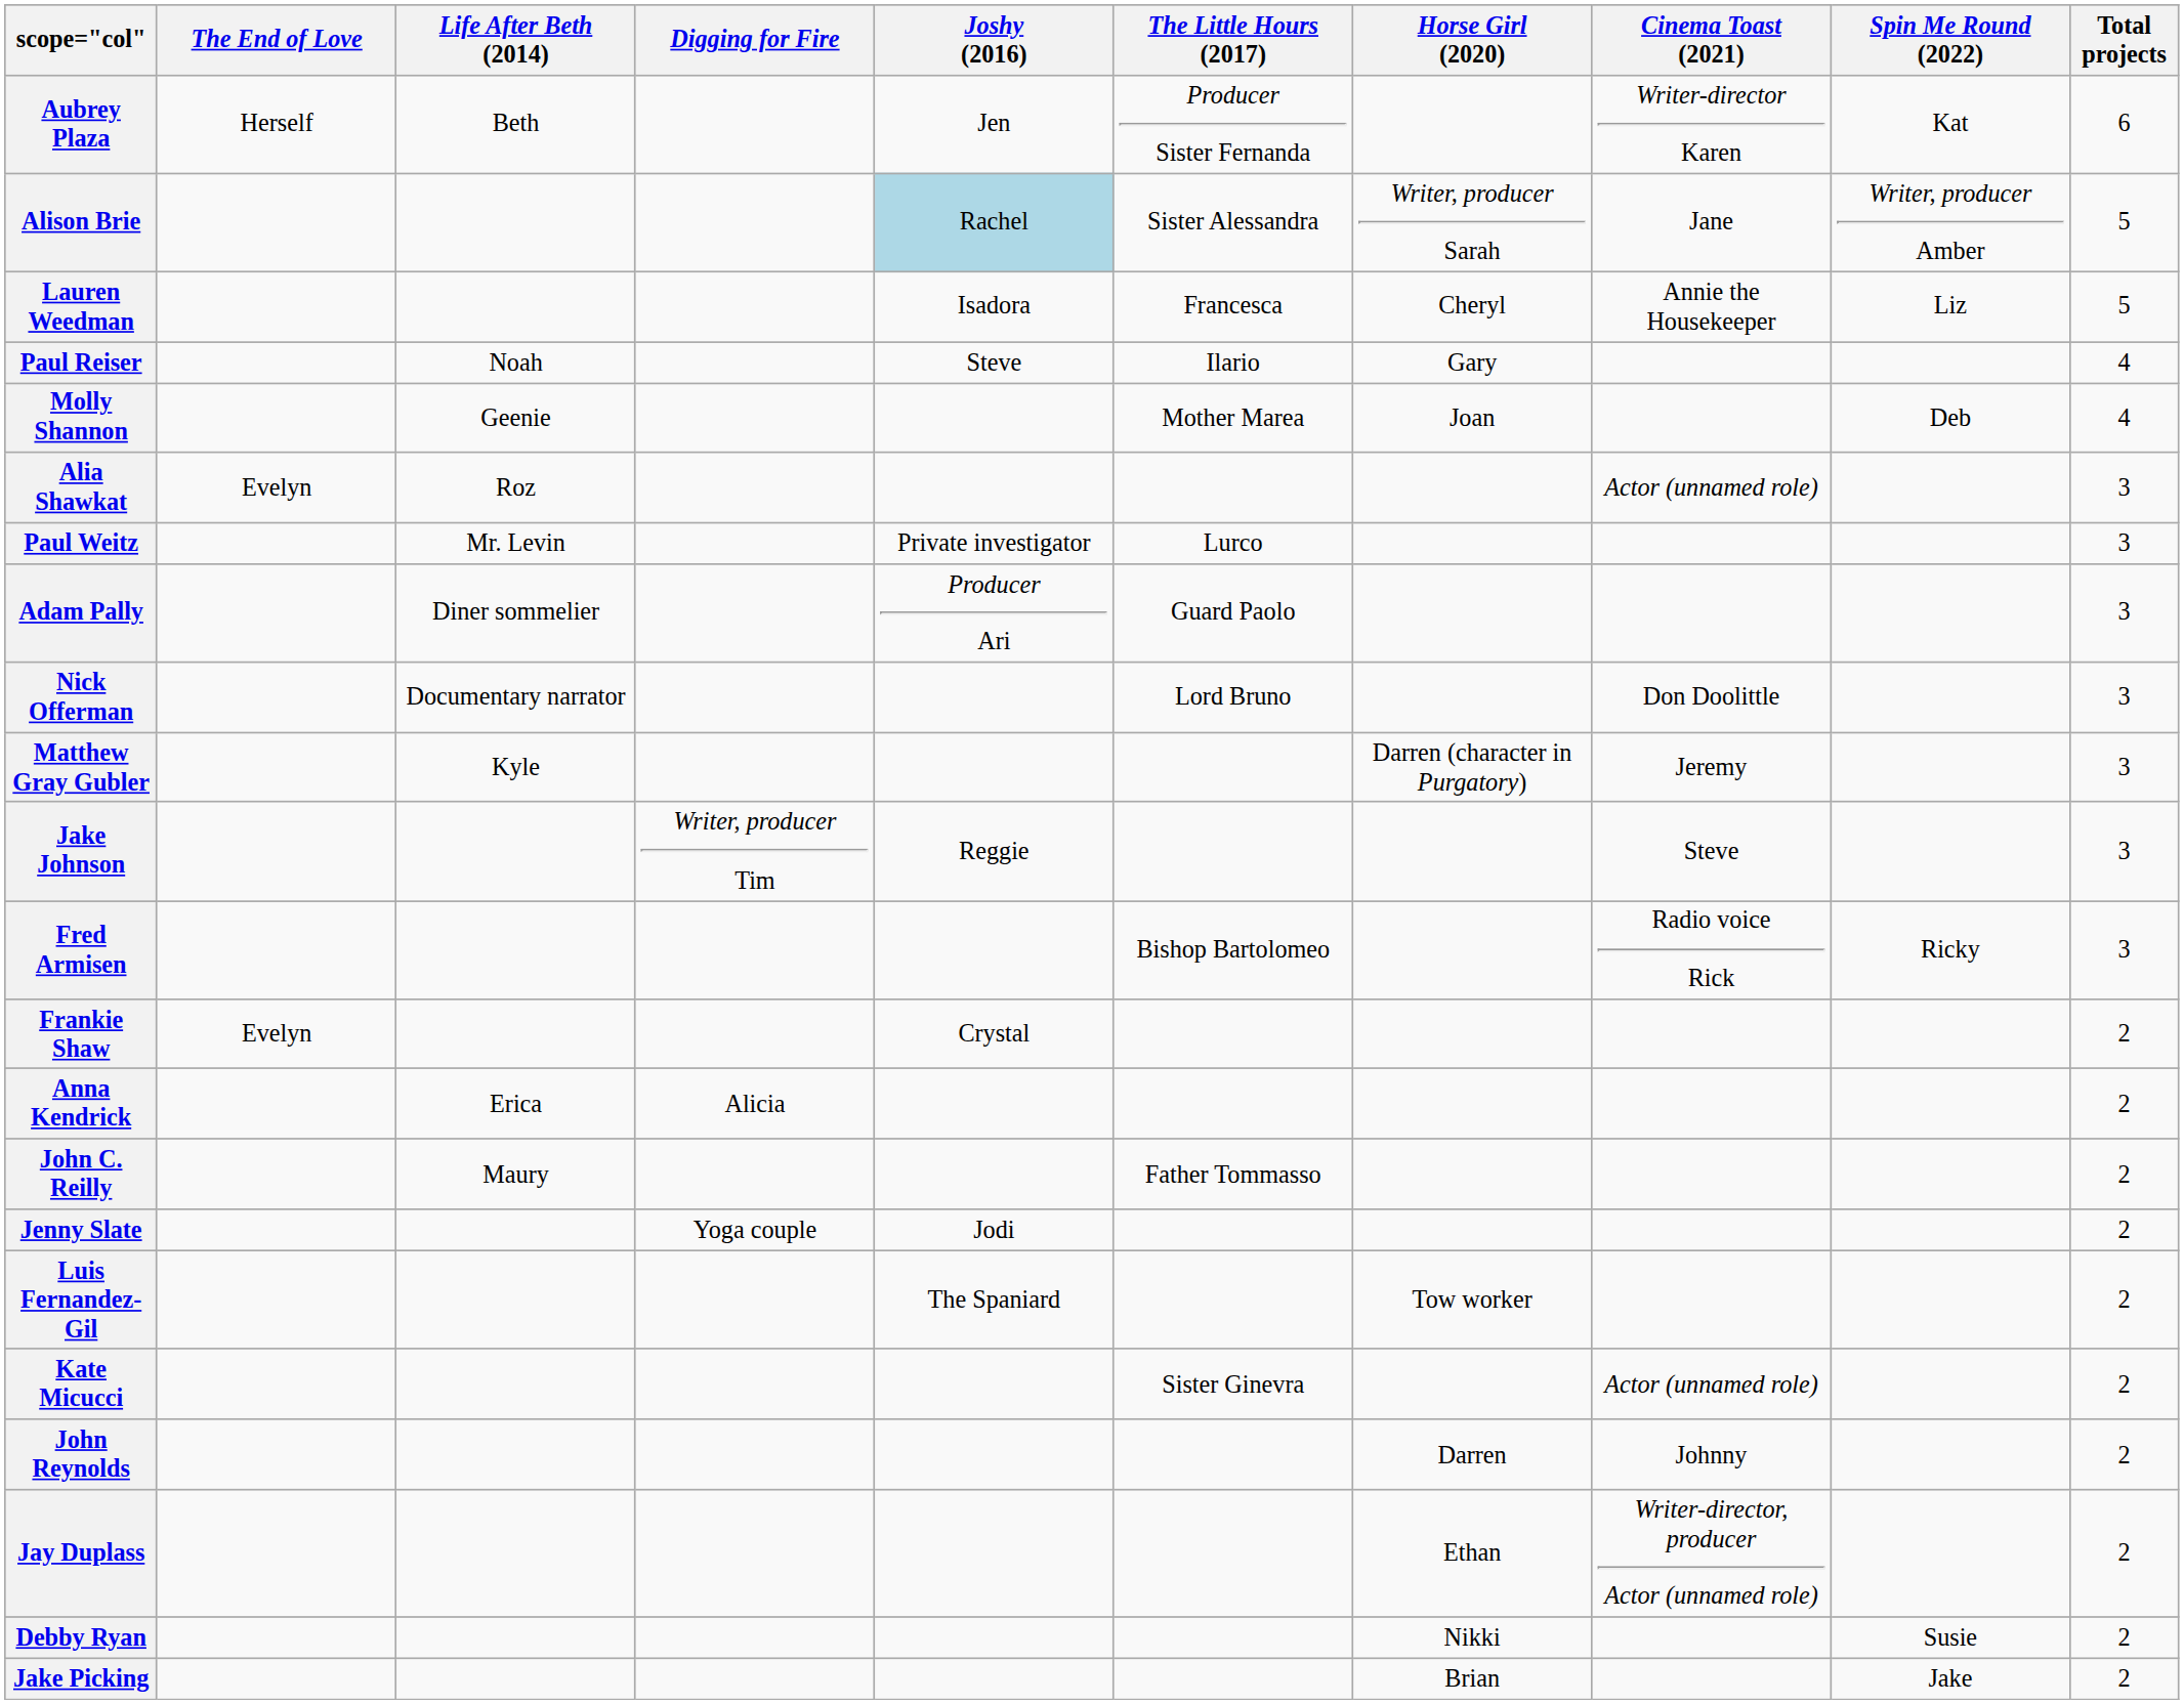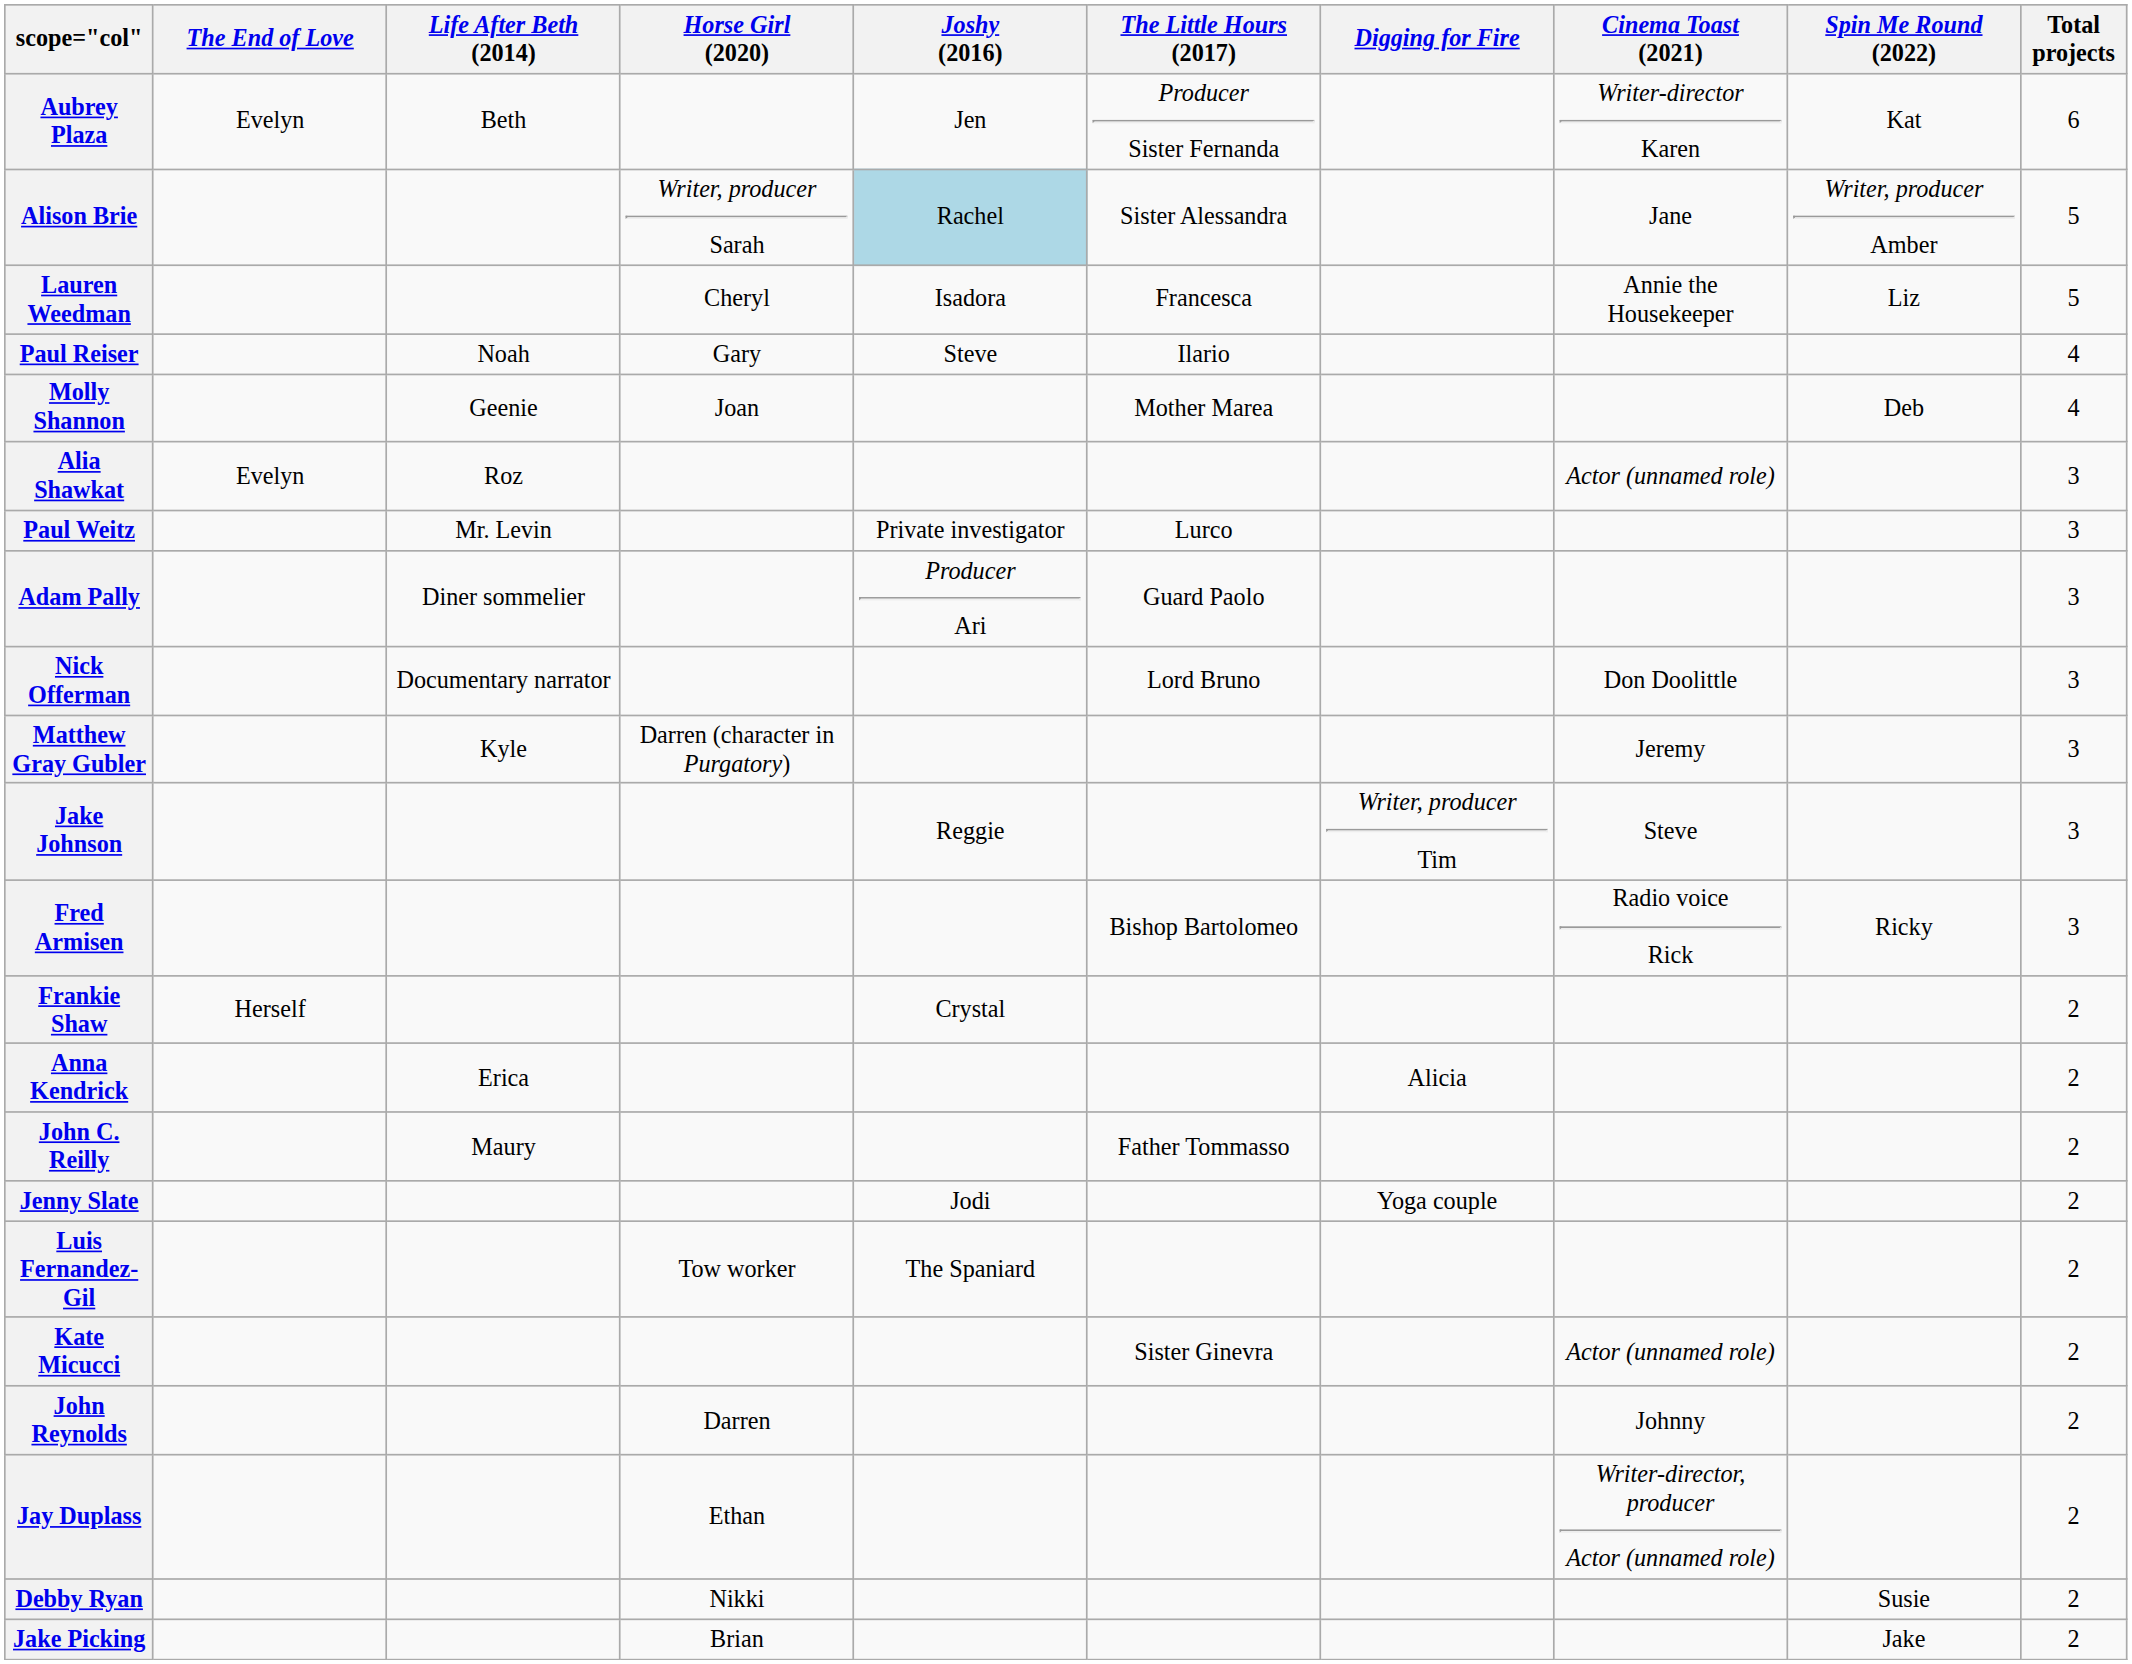 <table class="wikitable sortable mw-collapsible mw-collapsed"; style="text-align:center; width:100%; font-size:90%;">
 <tr>
 <th>scope="col" </th>
 <th scope="col" style="width: 11%;"><em><a href='#'>The End of Love</a></em><br></th>
 <th scope="col" style="width: 11%;"><em><a href='#'>Life After Beth</a></em><br>(2014)</th>
-<th scope="col" style="width: 11%;"><em><a href='#'>Digging for Fire</a></em><br></th>
+<th scope="col" style="width: 11%;"><em><a href='#'>Horse Girl</a></em><br>(2020)</th>
 <th scope="col" style="width: 11%;"><em><a href='#'>Joshy</a></em><br>(2016)</th>
 <th scope="col" style="width: 11%;"><em><a href='#'>The Little Hours</a></em><br>(2017)</th>
-<th scope="col" style="width: 11%;"><em><a href='#'>Horse Girl</a></em><br>(2020)</th>
+<th scope="col" style="width: 11%;"><em><a href='#'>Digging for Fire</a></em><br></th>
 <th scope="col" style="width: 11%;"><em><a href='#'>Cinema Toast</a></em><br>(2021)</th>
 <th scope="col" style="width: 11%;"><em><a href='#'>Spin Me Round</a></em><br>(2022)</th>
 <th scope="col" style="width: 5%;">Total projects</th>
 </tr>
 <tr>
 <th scope="row"><a href='#'>Aubrey Plaza</a></th>
-<td>Herself</td>
+<td>Evelyn</td>
 <td>Beth</td>
 <td></td>
 <td>Jen</td>
 <td><em>Producer</em> <hr> Sister Fernanda</td>
 <td></td>
 <td><em>Writer-director</em> <hr> Karen</td>
 <td>Kat</td>
 <td>6</td>
 </tr>
 <tr>
 <th scope="row"><a href='#'>Alison Brie</a></th>
 <td></td>
 <td></td>
-<td></td>
+<td><em>Writer, producer</em> <hr> Sarah</td>
 <td style="background: lightblue;">Rachel</td>
 <td>Sister Alessandra</td>
-<td><em>Writer, producer</em> <hr> Sarah</td>
+<td></td>
 <td>Jane</td>
 <td><em>Writer, producer</em> <hr> Amber</td>
 <td>5</td>
 </tr>
 <tr>
 <th scope="row"><a href='#'>Lauren Weedman</a></th>
 <td></td>
 <td></td>
-<td></td>
+<td>Cheryl</td>
 <td>Isadora</td>
 <td>Francesca</td>
-<td>Cheryl</td>
+<td></td>
 <td>Annie the Housekeeper</td>
 <td>Liz</td>
 <td>5</td>
 </tr>
 <tr>
 <th scope="row"><a href='#'>Paul Reiser</a></th>
 <td></td>
 <td>Noah</td>
-<td></td>
+<td>Gary</td>
 <td>Steve</td>
 <td>Ilario</td>
-<td>Gary</td>
+<td></td>
 <td></td>
 <td></td>
 <td>4</td>
 </tr>
 <tr>
 <th scope="row"><a href='#'>Molly Shannon</a></th>
 <td></td>
 <td>Geenie</td>
-<td></td>
+<td>Joan</td>
 <td></td>
 <td>Mother Marea</td>
-<td>Joan</td>
+<td></td>
 <td></td>
 <td>Deb</td>
 <td>4</td>
 </tr>
 <tr>
 <th scope="row"><a href='#'>Alia Shawkat</a></th>
 <td>Evelyn</td>
 <td>Roz</td>
 <td></td>
 <td></td>
 <td></td>
 <td></td>
 <td><em>Actor (unnamed role)</em></td>
 <td></td>
 <td>3</td>
 </tr>
 <tr>
 <th scope="row"><a href='#'>Paul Weitz</a></th>
 <td></td>
 <td>Mr. Levin</td>
 <td></td>
 <td>Private investigator</td>
 <td>Lurco</td>
 <td></td>
 <td></td>
 <td></td>
 <td>3</td>
 </tr>
 <tr>
 <th scope="row"><a href='#'>Adam Pally</a></th>
 <td></td>
 <td>Diner sommelier</td>
 <td></td>
 <td><em>Producer</em> <hr> Ari</td>
 <td>Guard Paolo</td>
 <td></td>
 <td></td>
 <td></td>
 <td>3</td>
 </tr>
 <tr>
 <th scope="row"><a href='#'>Nick Offerman</a></th>
 <td></td>
 <td>Documentary narrator</td>
 <td></td>
 <td></td>
 <td>Lord Bruno</td>
 <td></td>
 <td>Don Doolittle</td>
 <td></td>
 <td>3</td>
 </tr>
 <tr>
 <th scope="row"><a href='#'>Matthew Gray Gubler</a></th>
 <td></td>
 <td>Kyle</td>
+<td>Darren (character in <em>Purgatory</em>)</td>
 <td></td>
 <td></td>
 <td></td>
-<td>Darren (character in <em>Purgatory</em>)</td>
 <td>Jeremy</td>
 <td></td>
 <td>3</td>
 </tr>
 <tr>
 <th scope="row"><a href='#'>Jake Johnson</a></th>
 <td></td>
 <td></td>
-<td><em>Writer, producer</em> <hr> Tim</td>
+<td></td>
 <td>Reggie</td>
 <td></td>
-<td></td>
+<td><em>Writer, producer</em> <hr> Tim</td>
 <td>Steve</td>
 <td></td>
 <td>3</td>
 </tr>
 <tr>
 <th scope="row"><a href='#'>Fred Armisen</a></th>
 <td></td>
 <td></td>
 <td></td>
 <td></td>
 <td>Bishop Bartolomeo</td>
 <td></td>
 <td>Radio voice <hr> Rick</td>
 <td>Ricky</td>
 <td>3</td>
 </tr>
 <tr>
 <th scope="row"><a href='#'>Frankie Shaw</a></th>
-<td>Evelyn</td>
+<td>Herself</td>
 <td></td>
 <td></td>
 <td>Crystal</td>
 <td></td>
 <td></td>
 <td></td>
 <td></td>
 <td>2</td>
 </tr>
 <tr>
 <th scope="row"><a href='#'>Anna Kendrick</a></th>
 <td></td>
 <td>Erica</td>
-<td>Alicia</td>
 <td></td>
 <td></td>
 <td></td>
+<td>Alicia</td>
 <td></td>
 <td></td>
 <td>2</td>
 </tr>
 <tr>
 <th scope="row"><a href='#'>John C. Reilly</a></th>
 <td></td>
 <td>Maury</td>
 <td></td>
 <td></td>
 <td>Father Tommasso</td>
 <td></td>
 <td></td>
 <td></td>
 <td>2</td>
 </tr>
 <tr>
 <th scope="row"><a href='#'>Jenny Slate</a></th>
 <td></td>
 <td></td>
-<td>Yoga couple</td>
+<td></td>
 <td>Jodi</td>
 <td></td>
-<td></td>
+<td>Yoga couple</td>
 <td></td>
 <td></td>
 <td>2</td>
 </tr>
 <tr>
 <th scope="row"><a href='#'>Luis Fernandez-Gil</a></th>
 <td></td>
 <td></td>
-<td></td>
+<td>Tow worker</td>
 <td>The Spaniard</td>
 <td></td>
-<td>Tow worker</td>
+<td></td>
 <td></td>
 <td></td>
 <td>2</td>
 </tr>
 <tr>
 <th scope="row"><a href='#'>Kate Micucci</a></th>
 <td></td>
 <td></td>
 <td></td>
 <td></td>
 <td>Sister Ginevra</td>
 <td></td>
 <td><em>Actor (unnamed role)</em></td>
 <td></td>
 <td>2</td>
 </tr>
 <tr>
 <th scope="row"><a href='#'>John Reynolds</a></th>
 <td></td>
 <td></td>
+<td>Darren</td>
 <td></td>
 <td></td>
 <td></td>
-<td>Darren</td>
 <td>Johnny</td>
 <td></td>
 <td>2</td>
 </tr>
 <tr>
 <th scope="row"><a href='#'>Jay Duplass</a></th>
 <td></td>
 <td></td>
+<td>Ethan</td>
 <td></td>
 <td></td>
 <td></td>
-<td>Ethan</td>
 <td><em>Writer-director, producer <hr> Actor (unnamed role)</em></td>
 <td></td>
 <td>2</td>
 </tr>
 <tr>
 <th scope="row"><a href='#'>Debby Ryan</a></th>
 <td></td>
 <td></td>
+<td>Nikki</td>
 <td></td>
 <td></td>
 <td></td>
-<td>Nikki</td>
 <td></td>
 <td>Susie</td>
 <td>2</td>
 </tr>
 <tr>
 <th scope="row"><a href='#'>Jake Picking</a></th>
 <td></td>
 <td></td>
+<td>Brian</td>
 <td></td>
 <td></td>
 <td></td>
-<td>Brian</td>
 <td></td>
 <td>Jake</td>
 <td>2</td>
 </tr>
 </table>
